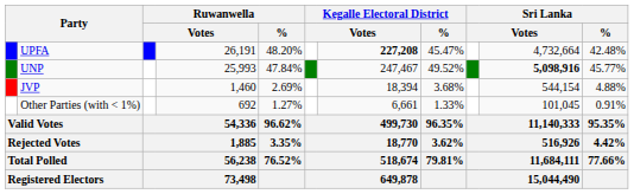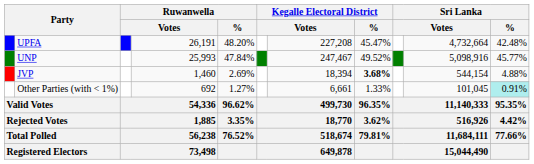 <table class="wikitable">
 <tr>
 <th colspan="2" width="144px"rowspan="2">Party</th>
 <th colspan="3" width="216px">Ruwanwella</th>
 <th colspan="3" width="216px"><a href='#'>Kegalle Electoral District</a></th>
 <th colspan="3" width="216px">Sri Lanka</th>
 </tr>
 <tr>
 <th colspan="2" width="144px">Votes</th>
 <th>%</th>
 <th colspan="2" width="144px">Votes</th>
 <th>%</th>
 <th colspan="2" width="144px">Votes</th>
 <th>%</th>
 </tr>
 <tr>
 <td style="background-color:blue;" width="10px"></td>
 <td style="text-align:left;"><a href='#'>UPFA</a></td>
 <td style="background-color:blue;" width="10px"></td>
 <td style="text-align:right;">26,191</td>
 <td style="text-align:right;">48.20%</td>
 <td style="background-color:white;" width="10px"></td>
-<td style="text-align:right;"><strong>227,208</strong></td>
+<td style="text-align:right;">227,208</td>
 <td style="text-align:right;">45.47%</td>
 <td style="background-color:white;" width="10px"></td>
 <td style="text-align:right;">4,732,664</td>
 <td style="text-align:right;">42.48%</td>
 </tr>
 <tr>
 <td style="background-color:green;" width="10px"></td>
 <td style="text-align:left;"><a href='#'>UNP</a></td>
 <td style="background-color:white;" width="10px"></td>
 <td style="text-align:right;">25,993</td>
 <td style="text-align:right;">47.84%</td>
 <td style="background-color:green;" width="10px"></td>
 <td style="text-align:right;">247,467</td>
 <td style="text-align:right;">49.52%</td>
 <td style="background-color:green;" width="10px"></td>
-<td style="text-align:right;"><strong>5,098,916</strong></td>
+<td style="text-align:right;">5,098,916</td>
 <td style="text-align:right;">45.77%</td>
 </tr>
 <tr>
 <td style="background-color:red;" width="10px"></td>
 <td style="text-align:left;"><a href='#'>JVP</a></td>
 <td style="background-color:white;" width="10px"></td>
 <td style="text-align:right;">1,460</td>
 <td style="text-align:right;">2.69%</td>
 <td style="background-color:white;" width="10px"></td>
 <td style="text-align:right;">18,394</td>
-<td style="text-align:right;">3.68%</td>
+<td style="text-align:right;"><strong>3.68%</strong></td>
 <td style="background-color:white;" width="10px"></td>
 <td style="text-align:right;">544,154</td>
 <td style="text-align:right;">4.88%</td>
 </tr>
 <tr>
 <td style="background-color:white;" width="10px"></td>
 <td style="text-align:left;">Other Parties (with < 1%)</td>
 <td style="background-color:white;" width="10px"></td>
 <td style="text-align:right;">692</td>
 <td style="text-align:right;">1.27%</td>
 <td style="background-color:white;" width="10px"></td>
 <td style="text-align:right;">6,661</td>
 <td style="text-align:right;">1.33%</td>
 <td style="background-color:white;" width="10px"></td>
 <td style="text-align:right;">101,045</td>
-<td style="text-align:right;">0.91%</td>
+<td style="background: paleturquoise; text-align:right;">0.91%</td>
 </tr>
 <tr>
 <th colspan="2" width="144px"style="text-align:left;">Valid Votes</th>
 <th style="text-align:right;"colspan="2" width="144px">54,336</th>
 <th style="text-align:right;">96.62%</th>
 <th style="text-align:right;"colspan="2" width="144px">499,730</th>
 <th style="text-align:right;">96.35%</th>
 <th style="text-align:right;"colspan="2" width="144px">11,140,333</th>
 <th style="text-align:right;">95.35%</th>
 </tr>
 <tr>
 <th colspan="2" width="144px"style="text-align:left;">Rejected Votes</th>
 <th style="text-align:right;"colspan="2" width="144px">1,885</th>
 <th style="text-align:right;">3.35%</th>
 <th style="text-align:right;"colspan="2" width="144px">18,770</th>
 <th style="text-align:right;">3.62%</th>
 <th style="text-align:right;"colspan="2" width="144px">516,926</th>
 <th style="text-align:right;">4.42%</th>
 </tr>
 <tr>
 <th colspan="2" width="144px"style="text-align:left;">Total Polled</th>
 <th style="text-align:right;"colspan="2" width="144px">56,238</th>
 <th style="text-align:right;">76.52%</th>
 <th style="text-align:right;"colspan="2" width="144px">518,674</th>
 <th style="text-align:right;">79.81%</th>
 <th style="text-align:right;"colspan="2" width="144px">11,684,111</th>
 <th style="text-align:right;">77.66%</th>
 </tr>
 <tr>
 <th colspan="2" width="144px"style="text-align:left;">Registered Electors</th>
 <th style="text-align:right;"colspan="2" width="144px">73,498</th>
 <th></th>
 <th style="text-align:right;"colspan="2" width="144px">649,878</th>
 <th></th>
 <th style="text-align:right;"colspan="2" width="144px">15,044,490</th>
 <th></th>
 </tr>
 </table>
